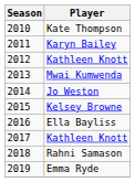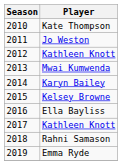 <table class="wikitable collapsible">
 <tr>
 <th>Season</th>
 <th>Player</th>
 </tr>
 <tr>
 <td>2010</td>
 <td>Kate Thompson</td>
 </tr>
 <tr>
 <td>2011</td>
-<td><a href='#'>Karyn Bailey</a></td>
+<td><a href='#'>Jo Weston</a></td>
 </tr>
 <tr>
 <td>2012</td>
 <td><a href='#'>Kathleen Knott</a></td>
 </tr>
 <tr>
 <td>2013</td>
 <td><a href='#'>Mwai Kumwenda</a></td>
 </tr>
 <tr>
 <td>2014</td>
-<td><a href='#'>Jo Weston</a></td>
+<td><a href='#'>Karyn Bailey</a></td>
 </tr>
 <tr>
 <td>2015</td>
 <td><a href='#'>Kelsey Browne</a></td>
 </tr>
 <tr>
 <td>2016</td>
 <td>Ella Bayliss</td>
 </tr>
 <tr>
 <td>2017</td>
 <td><a href='#'>Kathleen Knott</a></td>
 </tr>
 <tr>
 <td>2018</td>
 <td>Rahni Samason</td>
 </tr>
 <tr>
 <td>2019</td>
 <td>Emma Ryde</td>
 </tr>
 <tr>
 </tr>
 </table>
